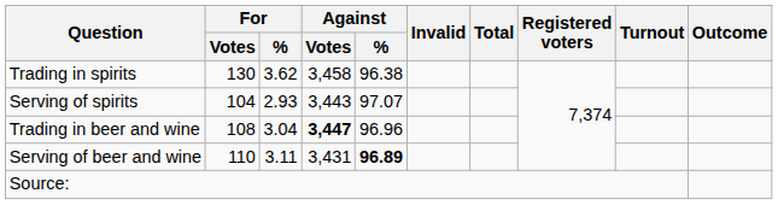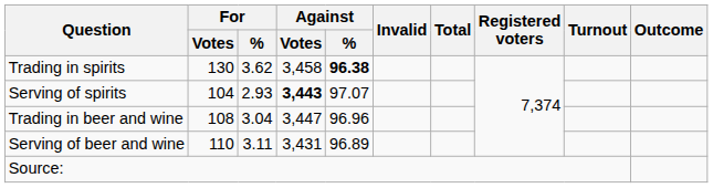 <table class=wikitable style=text-align:right>
 <tr>
 <th rowspan=2>Question</th>
 <th colspan=2>For</th>
 <th colspan=2>Against</th>
 <th rowspan=2>Invalid</th>
 <th rowspan=2>Total</th>
 <th rowspan=2>Registered<br>voters</th>
 <th rowspan=2>Turnout</th>
 <th rowspan=2>Outcome</th>
 </tr>
 <tr>
 <th>Votes</th>
 <th>%</th>
 <th>Votes</th>
 <th>%</th>
 </tr>
 <tr>
 <td align=left>Trading in spirits</td>
 <td>130</td>
 <td>3.62</td>
 <td>3,458</td>
-<td>96.38</td>
+<td><strong>96.38</strong></td>
 <td></td>
 <td></td>
 <td rowspan=4>7,374</td>
 <td></td>
 <td></td>
 </tr>
 <tr>
 <td align=left>Serving of spirits</td>
 <td>104</td>
 <td>2.93</td>
-<td>3,443</td>
+<td><strong>3,443</strong></td>
 <td>97.07</td>
 <td></td>
 <td></td>
 <td></td>
 <td></td>
 </tr>
 <tr>
 <td align=left>Trading in beer and wine</td>
 <td>108</td>
 <td>3.04</td>
-<td><strong>3,447</strong></td>
+<td>3,447</td>
 <td>96.96</td>
 <td></td>
 <td></td>
 <td></td>
 <td></td>
 </tr>
 <tr>
 <td align=left>Serving of beer and wine</td>
 <td>110</td>
 <td>3.11</td>
 <td>3,431</td>
-<td><strong>96.89</strong></td>
+<td>96.89</td>
 <td></td>
 <td></td>
 <td></td>
 <td></td>
 </tr>
 <tr>
 <td align=left colspan=9>Source: </td>
 </tr>
 </table>
